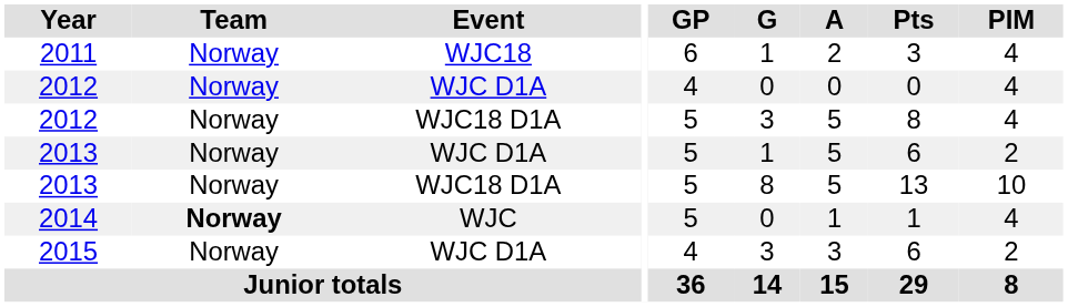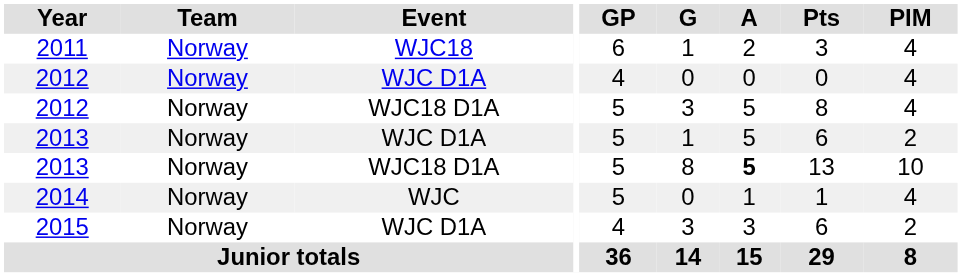 <table border="0" cellpadding="1" cellspacing="0" ID="Table3" style="text-align:center; width:40em">
 <tr ALIGN="center" bgcolor="#e0e0e0">
 <th>Year</th>
 <th>Team</th>
 <th>Event</th>
 <th rowspan="99" bgcolor="#ffffff"></th>
 <th>GP</th>
 <th>G</th>
 <th>A</th>
 <th>Pts</th>
 <th>PIM</th>
 </tr>
 <tr>
 <td><a href='#'>2011</a></td>
 <td><a href='#'>Norway</a></td>
 <td><a href='#'>WJC18</a></td>
 <td>6</td>
 <td>1</td>
 <td>2</td>
 <td>3</td>
 <td>4</td>
 </tr>
 <tr bgcolor="#f0f0f0">
 <td><a href='#'>2012</a></td>
 <td><a href='#'>Norway</a></td>
 <td><a href='#'>WJC D1A</a></td>
 <td>4</td>
 <td>0</td>
 <td>0</td>
 <td>0</td>
 <td>4</td>
 </tr>
 <tr>
 <td><a href='#'>2012</a></td>
 <td>Norway</td>
 <td>WJC18 D1A</td>
 <td>5</td>
 <td>3</td>
 <td>5</td>
 <td>8</td>
 <td>4</td>
 </tr>
 <tr bgcolor="#f0f0f0">
 <td><a href='#'>2013</a></td>
 <td>Norway</td>
 <td>WJC D1A</td>
 <td>5</td>
 <td>1</td>
 <td>5</td>
 <td>6</td>
 <td>2</td>
 </tr>
 <tr>
 <td><a href='#'>2013</a></td>
 <td>Norway</td>
 <td>WJC18 D1A</td>
 <td>5</td>
 <td>8</td>
-<td>5</td>
+<td><strong>5</strong></td>
 <td>13</td>
 <td>10</td>
 </tr>
 <tr bgcolor="#f0f0f0">
 <td><a href='#'>2014</a></td>
-<td><strong>Norway</strong></td>
+<td>Norway</td>
 <td>WJC</td>
 <td>5</td>
 <td>0</td>
 <td>1</td>
 <td>1</td>
 <td>4</td>
 </tr>
 <tr>
 <td><a href='#'>2015</a></td>
 <td>Norway</td>
 <td>WJC D1A</td>
 <td>4</td>
 <td>3</td>
 <td>3</td>
 <td>6</td>
 <td>2</td>
 </tr>
 <tr bgcolor="#e0e0e0">
 <th colspan="3">Junior totals</th>
 <th>36</th>
 <th>14</th>
 <th>15</th>
 <th>29</th>
 <th>8</th>
 </tr>
 </table>
